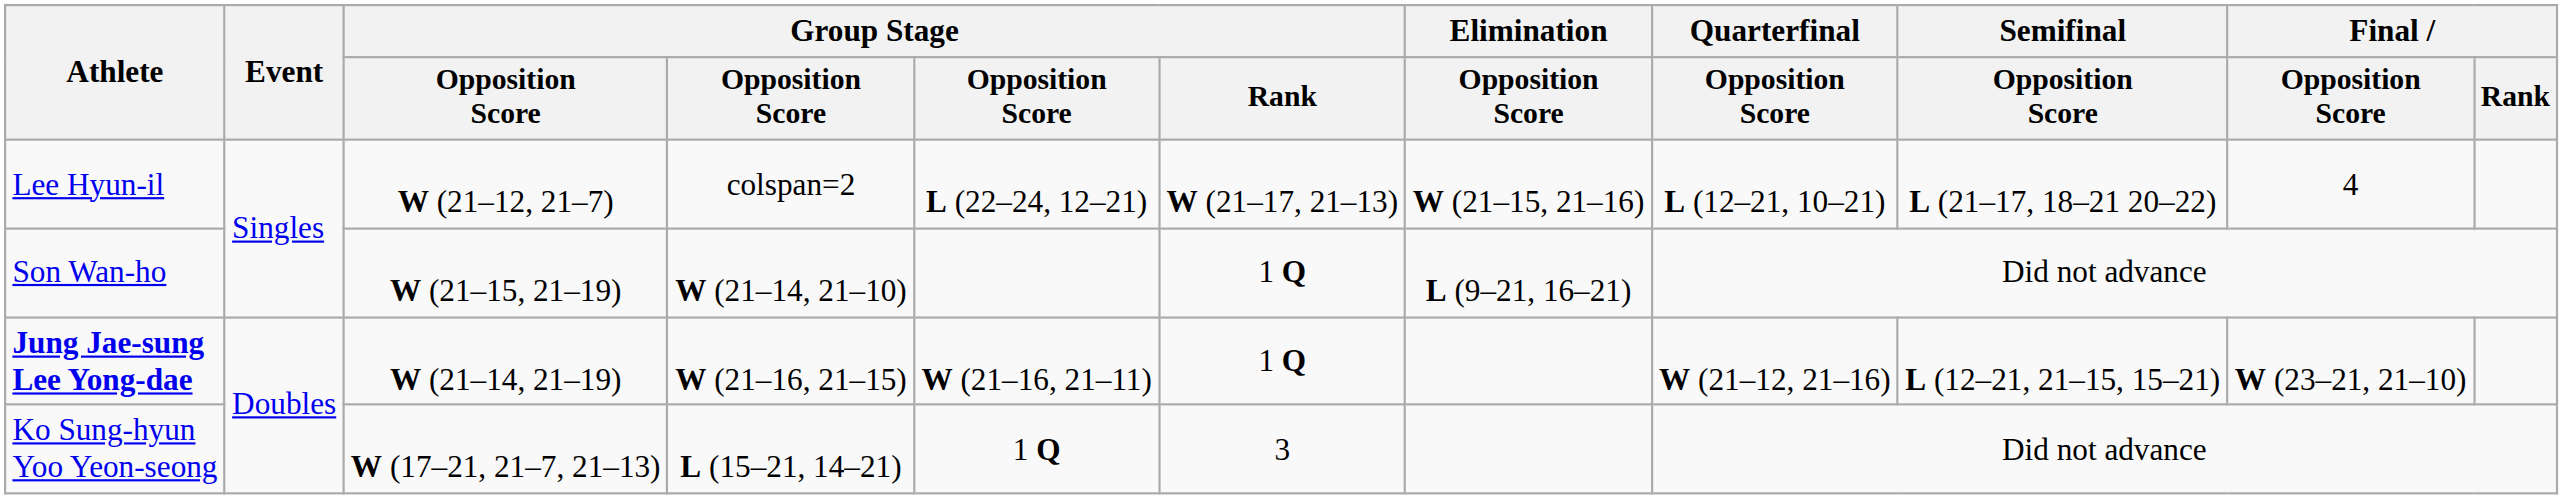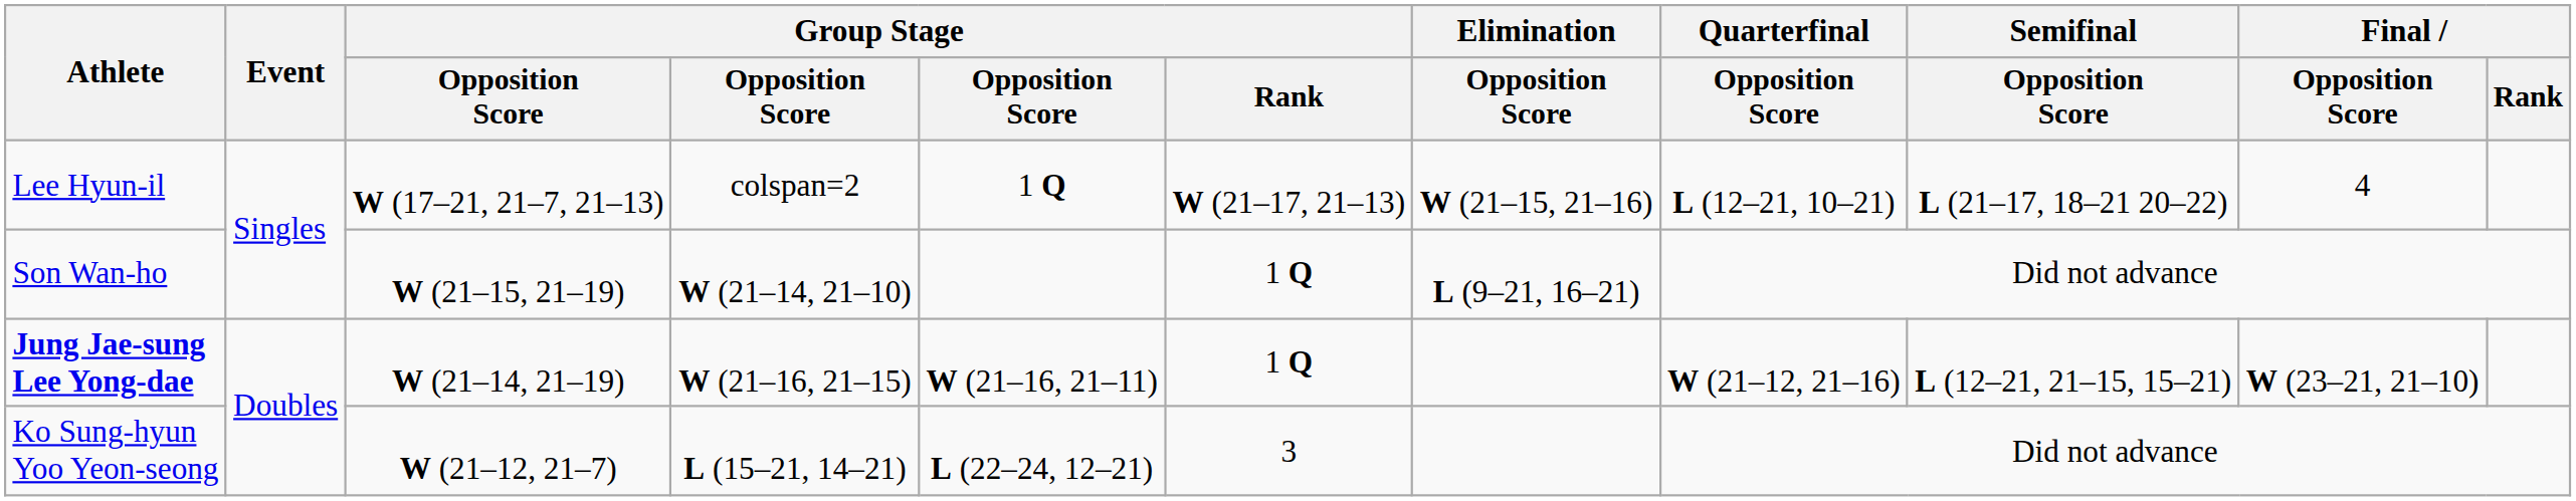 <table class="wikitable" style="font-size:90%">
 <tr>
 <th rowspan=2>Athlete</th>
 <th rowspan=2>Event</th>
 <th colspan=4>Group Stage</th>
 <th>Elimination</th>
 <th>Quarterfinal</th>
 <th>Semifinal</th>
 <th colspan=2>Final / </th>
 </tr>
 <tr style="font-size:95%">
 <th>Opposition<br>Score</th>
 <th>Opposition<br>Score</th>
 <th>Opposition<br>Score</th>
 <th>Rank</th>
 <th>Opposition<br>Score</th>
 <th>Opposition<br>Score</th>
 <th>Opposition<br>Score</th>
 <th>Opposition<br>Score</th>
 <th>Rank</th>
 </tr>
 <tr align=center>
 <td align=left><a href='#'>Lee Hyun-il</a></td>
 <td align=left rowspan=2><a href='#'>Singles</a></td>
-<td><br><strong>W</strong> (21–12, 21–7)</td>
+<td><br> <strong>W</strong> (17–21, 21–7, 21–13)</td>
 <td>colspan=2 </td>
-<td><br><strong>L</strong> (22–24, 12–21)</td>
+<td>1 <strong>Q</strong></td>
 <td><br><strong>W</strong> (21–17, 21–13)</td>
 <td><br><strong>W</strong> (21–15, 21–16)</td>
 <td><br><strong>L</strong> (12–21, 10–21)</td>
 <td><br><strong>L</strong> (21–17, 18–21 20–22)</td>
 <td>4</td>
 </tr>
 <tr align=center>
 <td align=left><a href='#'>Son Wan-ho</a></td>
 <td><br><strong>W</strong> (21–15, 21–19)</td>
 <td> <br><strong>W</strong> (21–14, 21–10)</td>
 <td></td>
 <td>1 <strong>Q</strong></td>
 <td><br><strong>L</strong> (9–21, 16–21)</td>
 <td colspan=4>Did not advance</td>
 </tr>
 <tr align=center>
 <td align=left><strong><a href='#'>Jung Jae-sung</a><br><a href='#'>Lee Yong-dae</a></strong></td>
 <td align=left rowspan=2><a href='#'>Doubles</a></td>
 <td><br> <strong>W</strong> (21–14, 21–19)</td>
 <td><br><strong>W</strong> (21–16, 21–15)</td>
 <td><br><strong>W</strong> (21–16, 21–11)</td>
 <td>1 <strong>Q</strong></td>
 <td></td>
 <td><br><strong>W</strong> (21–12, 21–16)</td>
 <td><br><strong>L</strong> (12–21, 21–15, 15–21)</td>
 <td><br><strong>W</strong> (23–21, 21–10)</td>
 <td></td>
 </tr>
 <tr align=center>
 <td align=left><a href='#'>Ko Sung-hyun</a><br><a href='#'>Yoo Yeon-seong</a></td>
-<td><br> <strong>W</strong> (17–21, 21–7, 21–13)</td>
+<td><br><strong>W</strong> (21–12, 21–7)</td>
 <td><br><strong>L</strong> (15–21, 14–21)</td>
-<td>1 <strong>Q</strong></td>
+<td><br><strong>L</strong> (22–24, 12–21)</td>
 <td>3</td>
 <td></td>
 <td colspan=4>Did not advance</td>
 </tr>
 </table>
